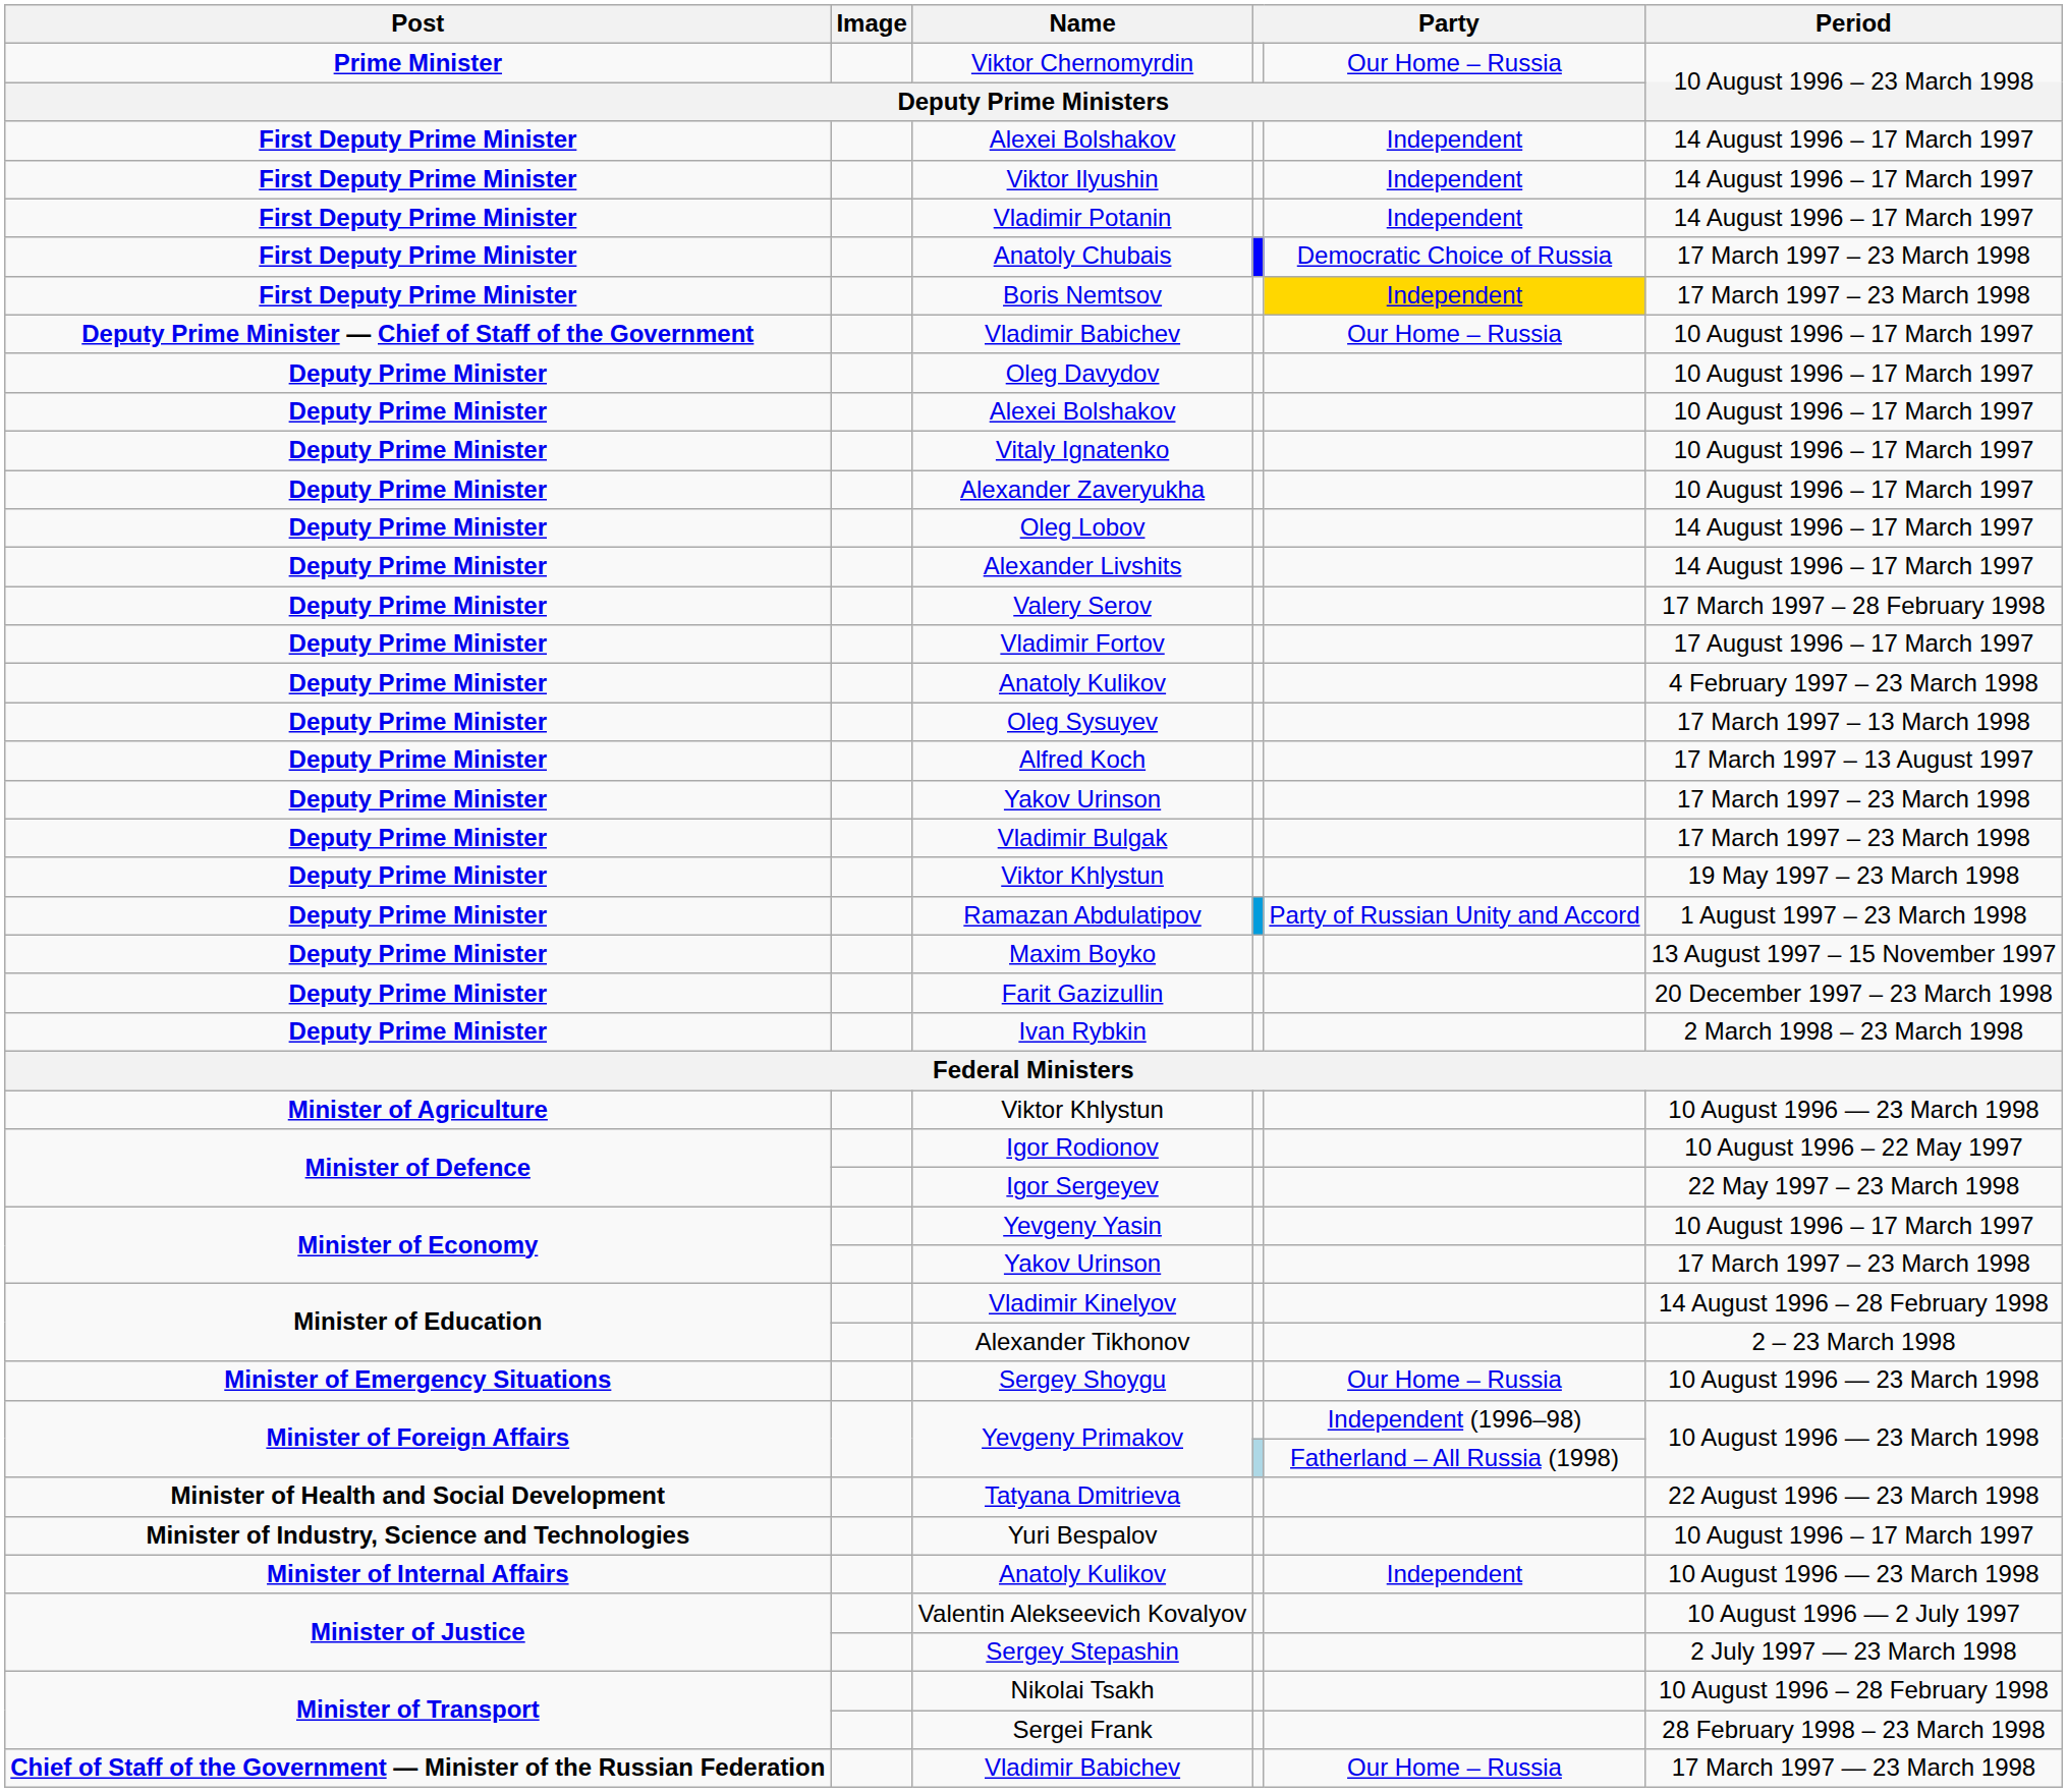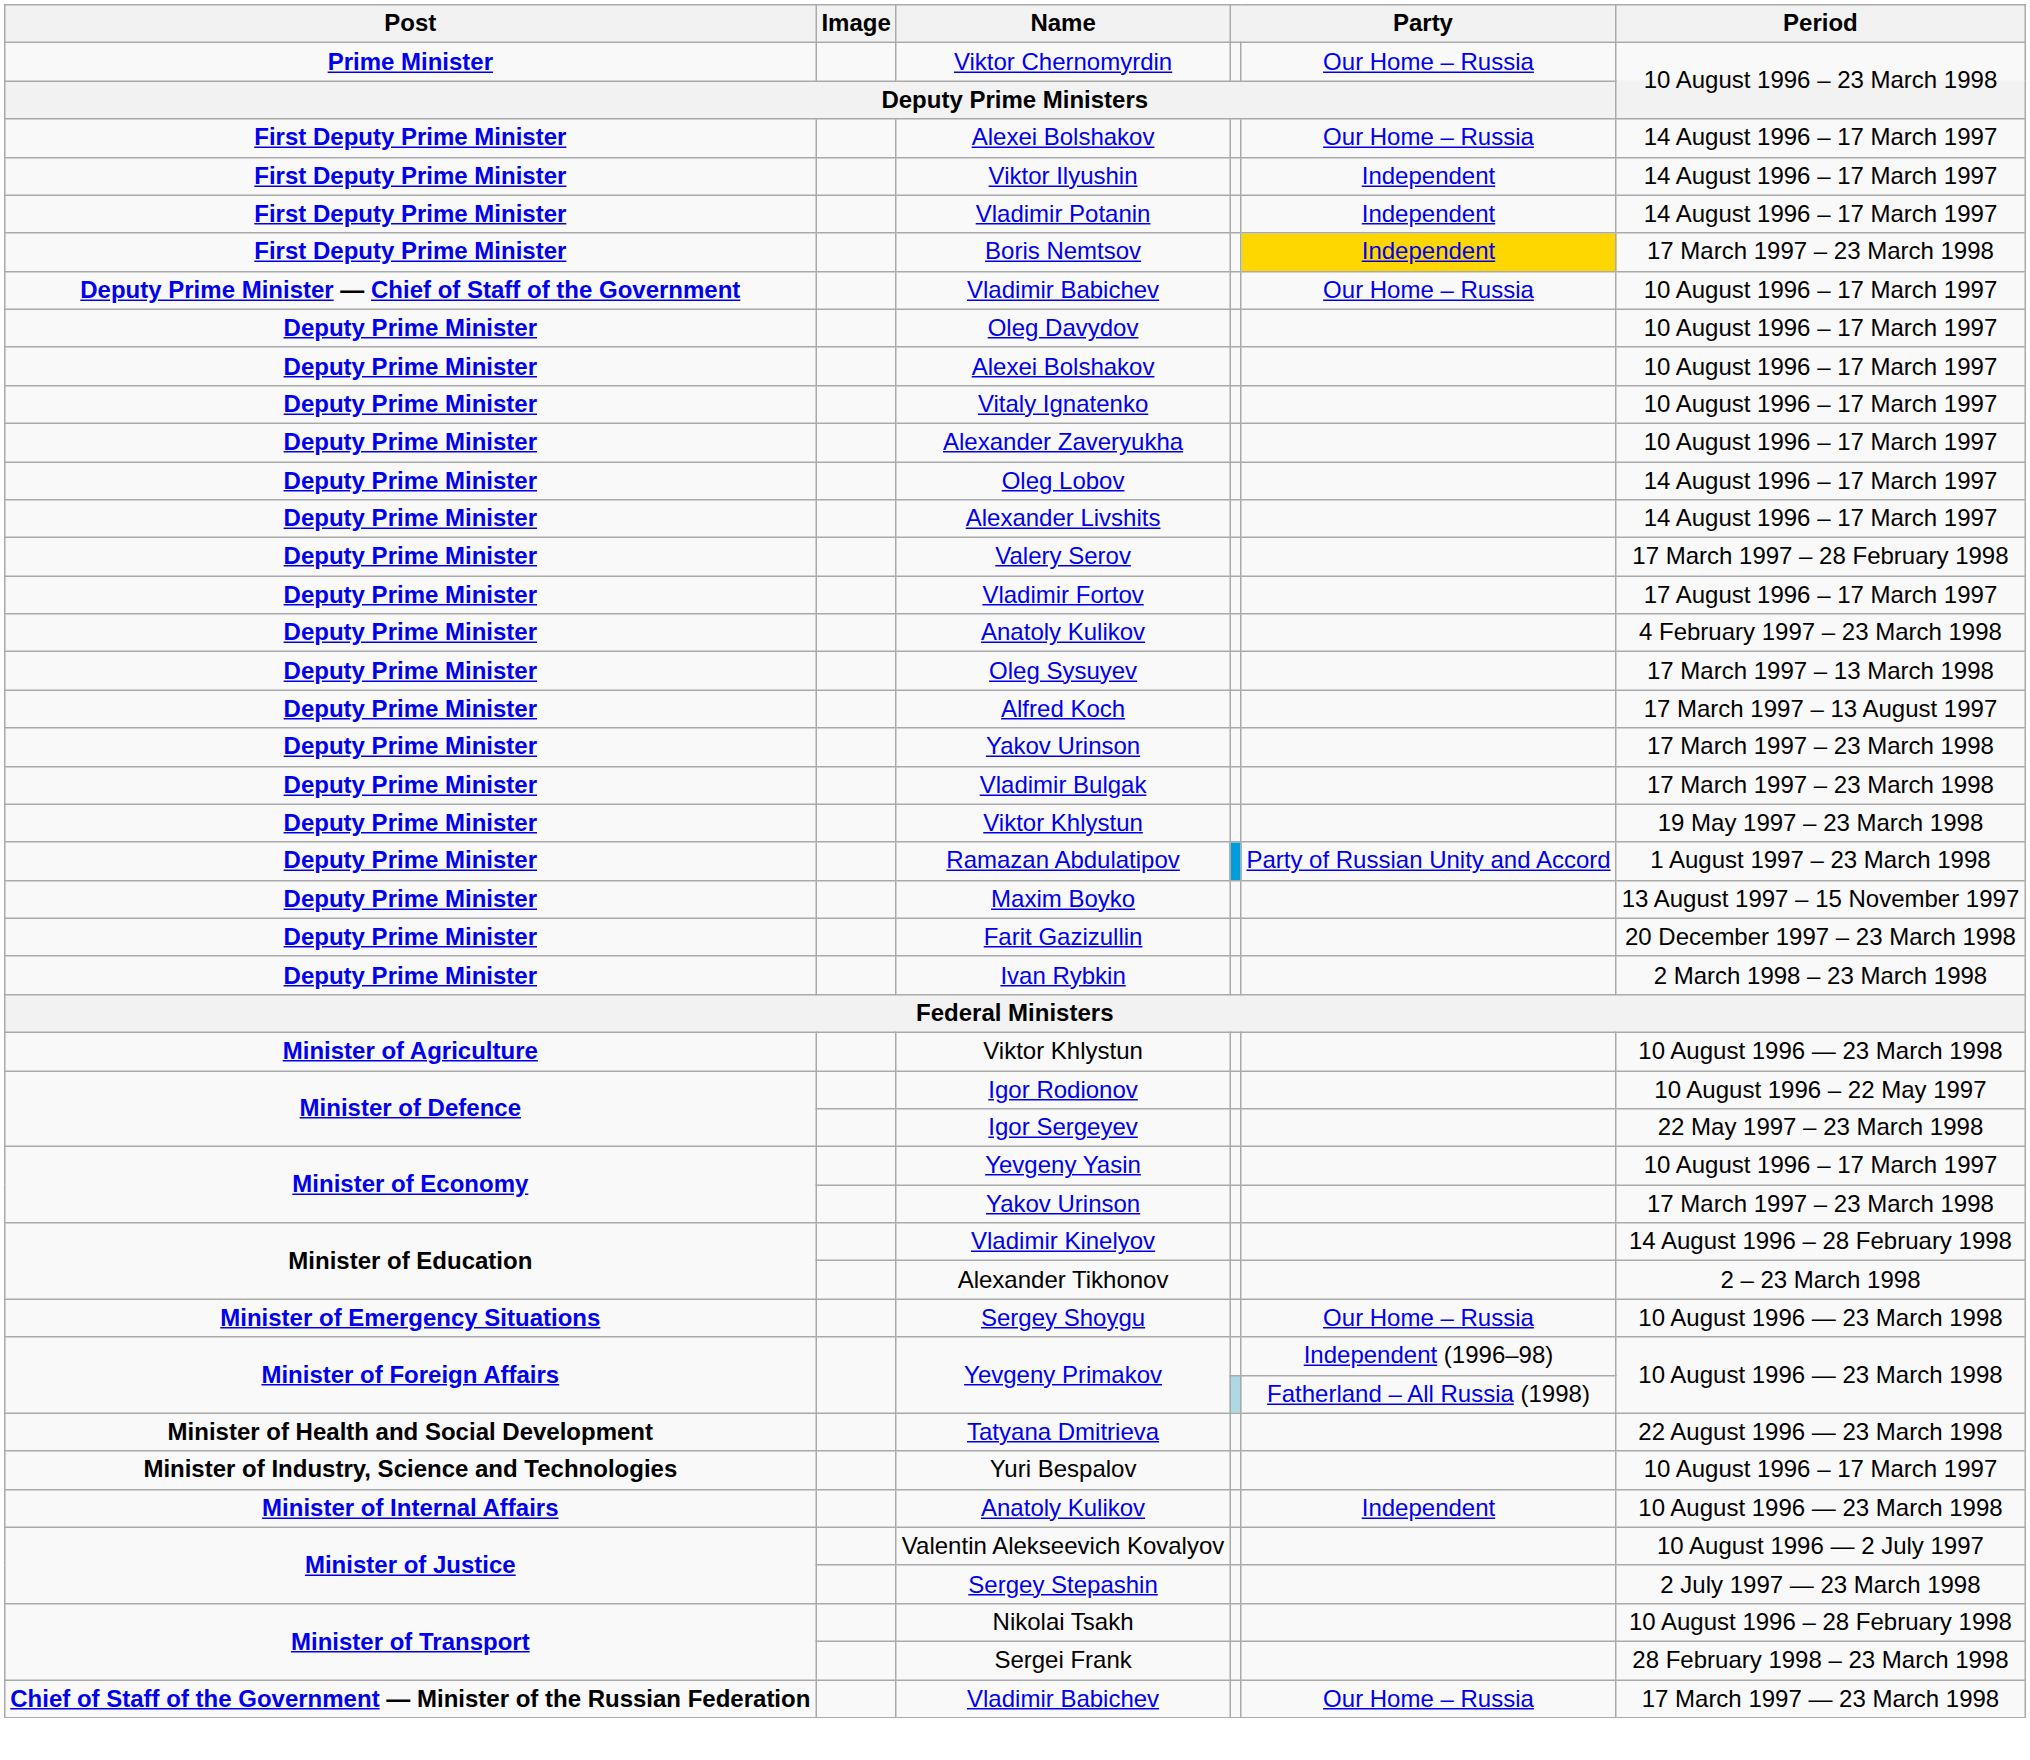 <table class="wikitable" style="text-align:center">
 <tr>
 <th>Post</th>
 <th>Image</th>
 <th>Name</th>
 <th colspan=2>Party</th>
 <th>Period</th>
 </tr>
 <tr>
 <td><strong><a href='#'>Prime Minister</a></strong></td>
 <td></td>
 <td><a href='#'>Viktor Chernomyrdin</a></td>
 <td style="background:"></td>
 <td><a href='#'>Our Home – Russia</a></td>
 <td rowspan=2>10 August 1996 – 23 March 1998</td>
 </tr>
 <tr>
 <th colspan=6>Deputy Prime Ministers</th>
 </tr>
 <tr>
 <td><strong><a href='#'>First Deputy Prime Minister</a></strong></td>
 <td></td>
 <td><a href='#'>Alexei Bolshakov</a></td>
 <td style="background:"></td>
-<td><a href='#'>Independent</a></td>
+<td><a href='#'>Our Home – Russia</a></td>
 <td>14 August 1996 – 17 March 1997</td>
 </tr>
 <tr>
 <td><strong><a href='#'>First Deputy Prime Minister</a></strong></td>
 <td></td>
 <td><a href='#'>Viktor Ilyushin</a></td>
 <td style="background:"></td>
 <td><a href='#'>Independent</a></td>
 <td>14 August 1996 – 17 March 1997</td>
 </tr>
 <tr>
 <td><strong><a href='#'>First Deputy Prime Minister</a></strong></td>
 <td></td>
 <td><a href='#'>Vladimir Potanin</a></td>
 <td style="background:"></td>
 <td><a href='#'>Independent</a></td>
 <td>14 August 1996 – 17 March 1997</td>
-</tr>
-<tr>
-<td><strong><a href='#'>First Deputy Prime Minister</a></strong></td>
-<td></td>
-<td><a href='#'>Anatoly Chubais</a></td>
-<td style="background:blue;"></td>
-<td><a href='#'>Democratic Choice of Russia</a></td>
-<td>17 March 1997 – 23 March 1998</td>
 </tr>
 <tr>
 <td><strong><a href='#'>First Deputy Prime Minister</a></strong></td>
 <td></td>
 <td><a href='#'>Boris Nemtsov</a></td>
 <td style="background:"></td>
 <td style="background: gold;"><a href='#'>Independent</a></td>
 <td>17 March 1997 – 23 March 1998</td>
 </tr>
 <tr>
 <td><strong><a href='#'>Deputy Prime Minister</a> — <a href='#'>Chief of Staff of the Government</a></strong></td>
 <td></td>
 <td><a href='#'>Vladimir Babichev</a></td>
 <td style="background:"></td>
 <td><a href='#'>Our Home – Russia</a></td>
 <td>10 August 1996 – 17 March 1997</td>
 </tr>
 <tr>
 <td><strong><a href='#'>Deputy Prime Minister</a></strong></td>
 <td></td>
 <td><a href='#'>Oleg Davydov</a></td>
 <td></td>
 <td></td>
 <td>10 August 1996 – 17 March 1997</td>
 </tr>
 <tr>
 <td><strong><a href='#'>Deputy Prime Minister</a></strong></td>
 <td></td>
 <td><a href='#'>Alexei Bolshakov</a></td>
 <td></td>
 <td></td>
 <td>10 August 1996 – 17 March 1997</td>
 </tr>
 <tr>
 <td><strong><a href='#'>Deputy Prime Minister</a></strong></td>
 <td></td>
 <td><a href='#'>Vitaly Ignatenko</a></td>
 <td></td>
 <td></td>
 <td>10 August 1996 – 17 March 1997</td>
 </tr>
 <tr>
 <td><strong><a href='#'>Deputy Prime Minister</a></strong></td>
 <td></td>
 <td><a href='#'>Alexander Zaveryukha</a></td>
 <td></td>
 <td></td>
 <td>10 August 1996 – 17 March 1997</td>
 </tr>
 <tr>
 <td><strong><a href='#'>Deputy Prime Minister</a></strong></td>
 <td></td>
 <td><a href='#'>Oleg Lobov</a></td>
 <td></td>
 <td></td>
 <td>14 August 1996 – 17 March 1997</td>
 </tr>
 <tr>
 <td><strong><a href='#'>Deputy Prime Minister</a></strong></td>
 <td></td>
 <td><a href='#'>Alexander Livshits</a></td>
 <td></td>
 <td></td>
 <td>14 August 1996 – 17 March 1997</td>
 </tr>
 <tr>
 <td><strong><a href='#'>Deputy Prime Minister</a></strong></td>
 <td></td>
 <td><a href='#'>Valery Serov</a></td>
 <td></td>
 <td></td>
 <td>17 March 1997 – 28 February 1998</td>
 </tr>
 <tr>
 <td><strong><a href='#'>Deputy Prime Minister</a></strong></td>
 <td></td>
 <td><a href='#'>Vladimir Fortov</a></td>
 <td></td>
 <td></td>
 <td>17 August 1996 – 17 March 1997</td>
 </tr>
 <tr>
 <td><strong><a href='#'>Deputy Prime Minister</a></strong></td>
 <td></td>
 <td><a href='#'>Anatoly Kulikov</a></td>
 <td></td>
 <td></td>
 <td>4 February 1997 – 23 March 1998</td>
 </tr>
 <tr>
 <td><strong><a href='#'>Deputy Prime Minister</a></strong></td>
 <td></td>
 <td><a href='#'>Oleg Sysuyev</a></td>
 <td></td>
 <td></td>
 <td>17 March 1997 – 13 March 1998</td>
 </tr>
 <tr>
 <td><strong><a href='#'>Deputy Prime Minister</a></strong></td>
 <td></td>
 <td><a href='#'>Alfred Koch</a></td>
 <td></td>
 <td></td>
 <td>17 March 1997 – 13 August 1997</td>
 </tr>
 <tr>
 <td><strong><a href='#'>Deputy Prime Minister</a></strong></td>
 <td></td>
 <td><a href='#'>Yakov Urinson</a></td>
 <td></td>
 <td></td>
 <td>17 March 1997 – 23 March 1998</td>
 </tr>
 <tr>
 <td><strong><a href='#'>Deputy Prime Minister</a></strong></td>
 <td></td>
 <td><a href='#'>Vladimir Bulgak</a></td>
 <td></td>
 <td></td>
 <td>17 March 1997 – 23 March 1998</td>
 </tr>
 <tr>
 <td><strong><a href='#'>Deputy Prime Minister</a></strong></td>
 <td></td>
 <td><a href='#'>Viktor Khlystun</a></td>
 <td></td>
 <td></td>
 <td>19 May 1997 – 23 March 1998</td>
 </tr>
 <tr>
 <td><strong><a href='#'>Deputy Prime Minister</a></strong></td>
 <td></td>
 <td><a href='#'>Ramazan Abdulatipov</a></td>
 <td style="background:#019CDC"></td>
 <td><a href='#'>Party of Russian Unity and Accord</a></td>
 <td>1 August 1997 – 23 March 1998</td>
 </tr>
 <tr>
 <td><strong><a href='#'>Deputy Prime Minister</a></strong></td>
 <td></td>
 <td><a href='#'>Maxim Boyko</a></td>
 <td></td>
 <td></td>
 <td>13 August 1997 – 15 November 1997</td>
 </tr>
 <tr>
 <td><strong><a href='#'>Deputy Prime Minister</a></strong></td>
 <td></td>
 <td><a href='#'>Farit Gazizullin</a></td>
 <td></td>
 <td></td>
 <td>20 December 1997 – 23 March 1998</td>
 </tr>
 <tr>
 <td><strong><a href='#'>Deputy Prime Minister</a></strong></td>
 <td></td>
 <td><a href='#'>Ivan Rybkin</a></td>
 <td></td>
 <td></td>
 <td>2 March 1998 – 23 March 1998</td>
 </tr>
 <tr>
 <th colspan=6>Federal Ministers</th>
 </tr>
 <tr>
 <td><strong><a href='#'>Minister of Agriculture</a></strong></td>
 <td></td>
 <td>Viktor Khlystun</td>
 <td></td>
 <td></td>
 <td>10 August 1996 — 23 March 1998</td>
 </tr>
 <tr>
 <td rowspan=2><strong><a href='#'>Minister of Defence</a></strong></td>
 <td></td>
 <td><a href='#'>Igor Rodionov</a></td>
 <td></td>
 <td></td>
 <td>10 August 1996 – 22 May 1997</td>
 </tr>
 <tr>
 <td></td>
 <td><a href='#'>Igor Sergeyev</a></td>
 <td></td>
 <td></td>
 <td>22 May 1997 – 23 March 1998</td>
 </tr>
 <tr>
 <td rowspan=2><strong><a href='#'>Minister of Economy</a></strong></td>
 <td></td>
 <td><a href='#'>Yevgeny Yasin</a></td>
 <td></td>
 <td></td>
 <td>10 August 1996 – 17 March 1997</td>
 </tr>
 <tr>
 <td></td>
 <td><a href='#'>Yakov Urinson</a></td>
 <td></td>
 <td></td>
 <td>17 March 1997 – 23 March 1998</td>
 </tr>
 <tr>
 <td rowspan=2><strong>Minister of Education</strong></td>
 <td></td>
 <td><a href='#'>Vladimir Kinelyov</a></td>
 <td></td>
 <td></td>
 <td>14 August 1996 – 28 February 1998</td>
 </tr>
 <tr>
 <td></td>
 <td>Alexander Tikhonov</td>
 <td></td>
 <td></td>
 <td>2 – 23 March 1998</td>
 </tr>
 <tr>
 <td><strong><a href='#'>Minister of Emergency Situations</a></strong></td>
 <td></td>
 <td><a href='#'>Sergey Shoygu</a></td>
 <td style="background:"></td>
 <td><a href='#'>Our Home – Russia</a></td>
 <td>10 August 1996 — 23 March 1998</td>
 </tr>
 <tr>
 <td rowspan=2><strong><a href='#'>Minister of Foreign Affairs</a></strong></td>
 <td rowspan=2></td>
 <td rowspan=2><a href='#'>Yevgeny Primakov</a></td>
 <td style="background:"></td>
 <td><a href='#'>Independent</a> (1996–98)</td>
 <td rowspan=2>10 August 1996 — 23 March 1998</td>
 </tr>
 <tr>
 <td style="background:lightblue;"></td>
 <td><a href='#'>Fatherland – All Russia</a> (1998)</td>
 </tr>
 <tr>
 <td><strong>Minister of Health and Social Development</strong></td>
 <td></td>
 <td><a href='#'>Tatyana Dmitrieva</a></td>
 <td></td>
 <td></td>
 <td>22 August 1996 — 23 March 1998</td>
 </tr>
 <tr>
 <td><strong>Minister of  Industry, Science and Technologies</strong></td>
 <td></td>
 <td>Yuri Bespalov</td>
 <td></td>
 <td></td>
 <td>10 August 1996 – 17 March 1997</td>
 </tr>
 <tr>
 <td><strong><a href='#'>Minister of Internal Affairs</a></strong></td>
 <td></td>
 <td><a href='#'>Anatoly Kulikov</a></td>
 <td style="background:"></td>
 <td><a href='#'>Independent</a></td>
 <td>10 August 1996 — 23 March 1998</td>
 </tr>
 <tr>
 <td rowspan=2><strong><a href='#'>Minister of Justice</a></strong></td>
 <td></td>
 <td>Valentin Alekseevich Kovalyov</td>
 <td></td>
 <td></td>
 <td>10 August 1996 — 2 July 1997</td>
 </tr>
 <tr>
 <td></td>
 <td><a href='#'>Sergey Stepashin</a></td>
 <td></td>
 <td></td>
 <td>2 July 1997 — 23 March 1998</td>
 </tr>
 <tr>
 <td rowspan=2><strong><a href='#'>Minister of Transport</a></strong></td>
 <td></td>
 <td>Nikolai Tsakh</td>
 <td></td>
 <td></td>
 <td>10 August 1996 – 28 February 1998</td>
 </tr>
 <tr>
 <td></td>
 <td>Sergei Frank</td>
 <td></td>
 <td></td>
 <td>28 February 1998 – 23 March 1998</td>
 </tr>
 <tr>
 <td><strong><a href='#'>Chief of Staff of the Government</a> — Minister of the Russian Federation</strong></td>
 <td></td>
 <td><a href='#'>Vladimir Babichev</a></td>
 <td style="background:"></td>
 <td><a href='#'>Our Home – Russia</a></td>
 <td>17 March 1997 — 23 March 1998</td>
 </tr>
 </table>
